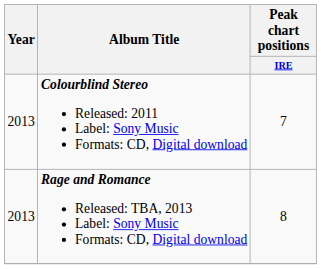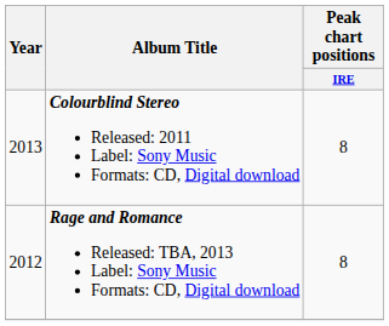 <table class="wikitable">
 <tr>
 <th rowspan="2">Year</th>
 <th rowspan="2">Album Title</th>
 <th colspan="1">Peak chart positions</th>
 </tr>
 <tr>
 <th style="width:6em;text-align:center;font-size:75%;"><a href='#'>IRE</a></th>
 </tr>
 <tr>
 <td style="text-align:center;">2013</td>
 <td><strong><em>Colourblind Stereo</em></strong><br><ul><li>Released: 2011</li><li>Label: <a href='#'>Sony Music</a></li><li>Formats: CD, <a href='#'>Digital download</a></li></ul></td>
-<td style="text-align:center;">7</td>
+<td style="text-align:center;">8</td>
 </tr>
 <tr>
-<td style="text-align:center;">2013</td>
+<td style="text-align:center;">2012</td>
 <td><strong><em>Rage and Romance</em></strong><br><ul><li>Released: TBA, 2013</li><li>Label: <a href='#'>Sony Music</a></li><li>Formats: CD, <a href='#'>Digital download</a></li></ul></td>
 <td style="text-align:center;">8</td>
 </tr>
 <tr>
 </tr>
 </table>
